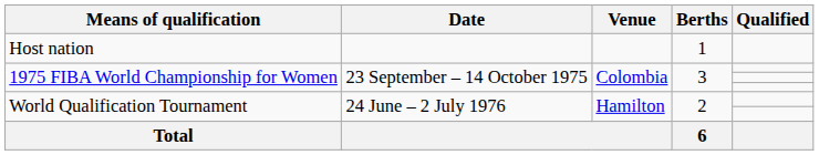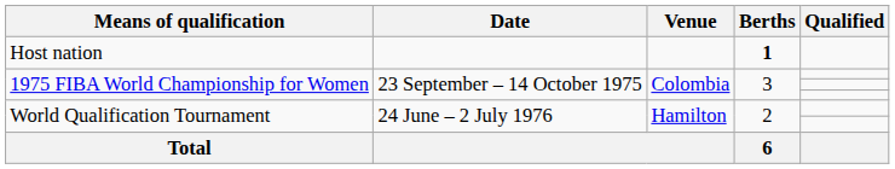 <table class="wikitable">
 <tr>
 <th>Means of qualification</th>
 <th>Date</th>
 <th>Venue</th>
 <th>Berths</th>
 <th>Qualified</th>
 </tr>
 <tr>
 <td>Host nation</td>
 <td></td>
 <td></td>
-<td style="text-align:center;">1</td>
+<td style="text-align:center;"><strong>1</strong></td>
 <td></td>
 </tr>
 <tr>
 <td rowspan=3><a href='#'>1975 FIBA World Championship for Women</a></td>
 <td rowspan=3>23 September – 14 October 1975</td>
 <td rowspan=3> <a href='#'>Colombia</a></td>
 <td rowspan=3 style="text-align:center;">3</td>
 <td></td>
 </tr>
 <tr>
 <td></td>
 </tr>
 <tr>
 <td></td>
 </tr>
 <tr>
 <td rowspan="2">World Qualification Tournament</td>
 <td rowspan="2">24 June – 2 July 1976</td>
 <td rowspan="2"> <a href='#'>Hamilton</a></td>
 <td rowspan="2" style="text-align:center;">2</td>
 <td></td>
 </tr>
 <tr>
 <td></td>
 </tr>
 <tr>
 <th>Total</th>
 <th colspan="2"></th>
 <th>6</th>
 <th></th>
 </tr>
 </table>
